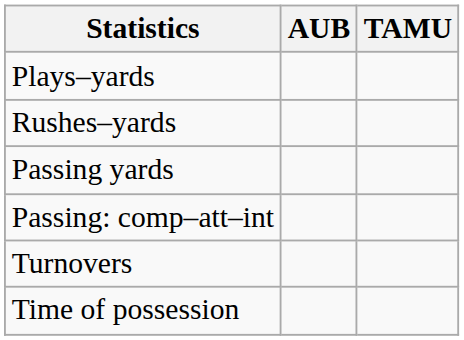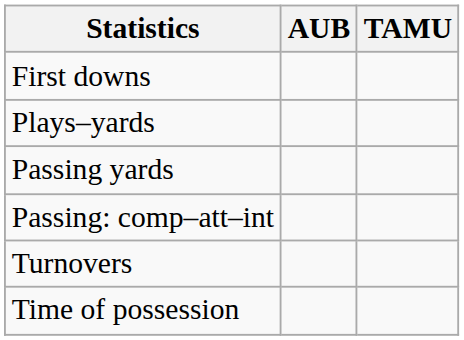 <table class="wikitable" style="float:left">
 <tr>
 <th>Statistics</th>
 <th>AUB</th>
 <th>TAMU</th>
 </tr>
 <tr>
-<td>Plays–yards</td>
+<td>First downs</td>
 <td></td>
 <td></td>
 </tr>
 <tr>
-<td>Rushes–yards</td>
+<td>Plays–yards</td>
 <td></td>
 <td></td>
 </tr>
 <tr>
 <td>Passing yards</td>
 <td></td>
 <td></td>
 </tr>
 <tr>
 <td>Passing: comp–att–int</td>
 <td></td>
 <td></td>
 </tr>
 <tr>
 <td>Turnovers</td>
 <td></td>
 <td></td>
 </tr>
 <tr>
 <td>Time of possession</td>
 <td></td>
 <td></td>
 </tr>
 </table>
